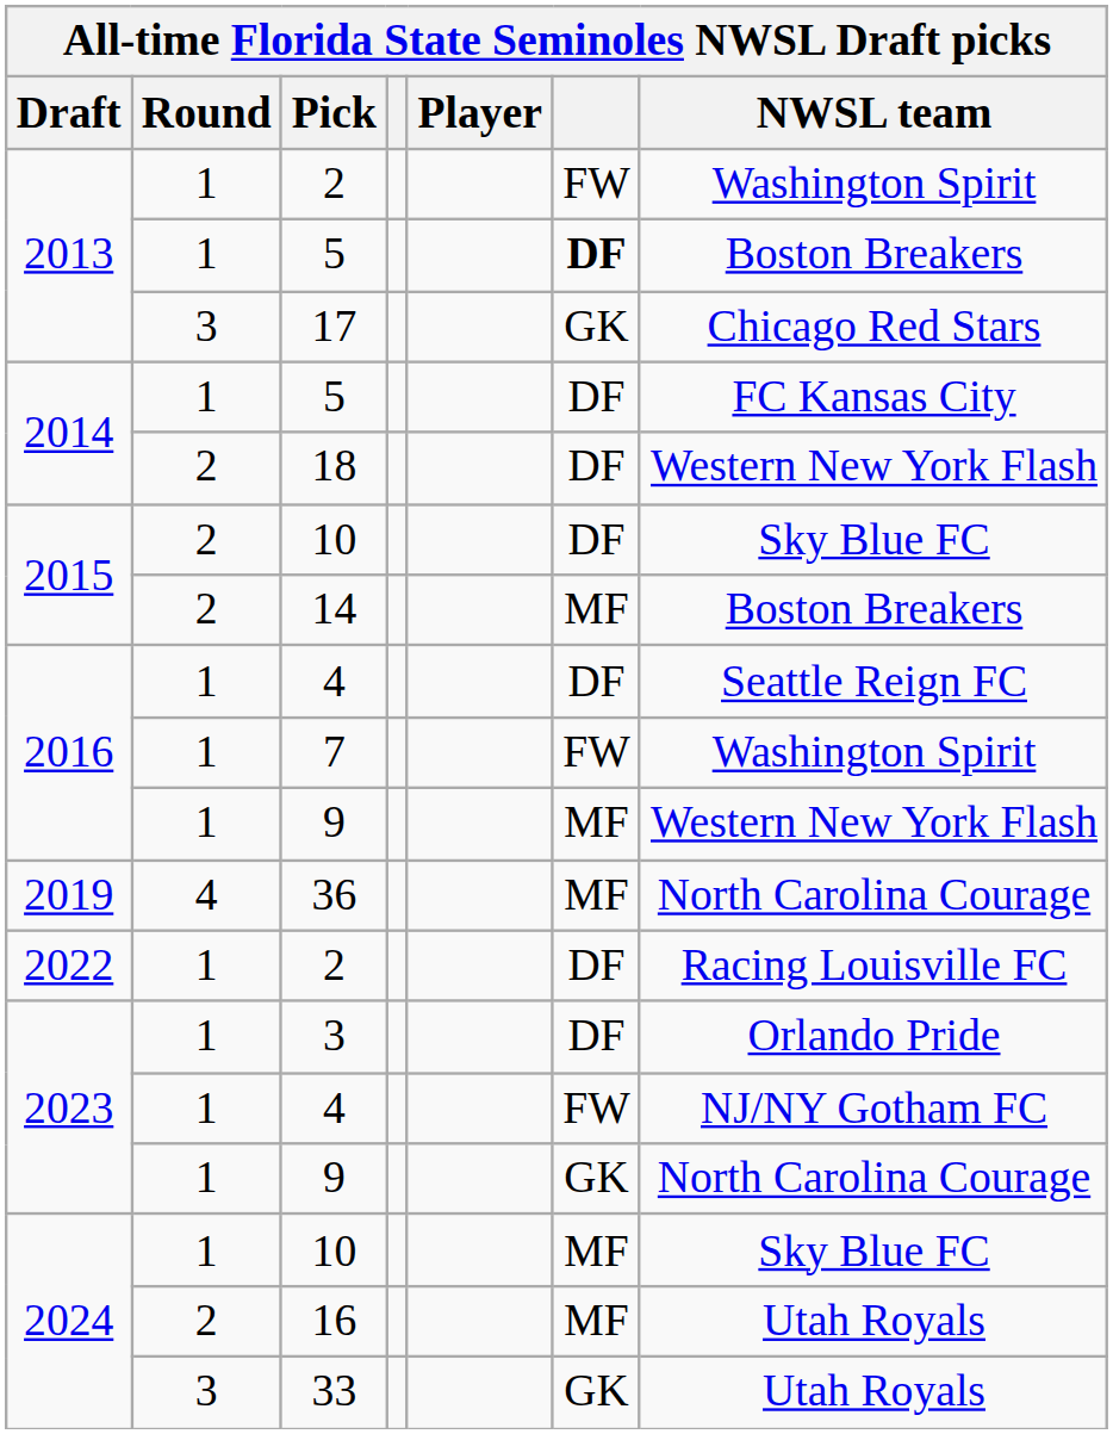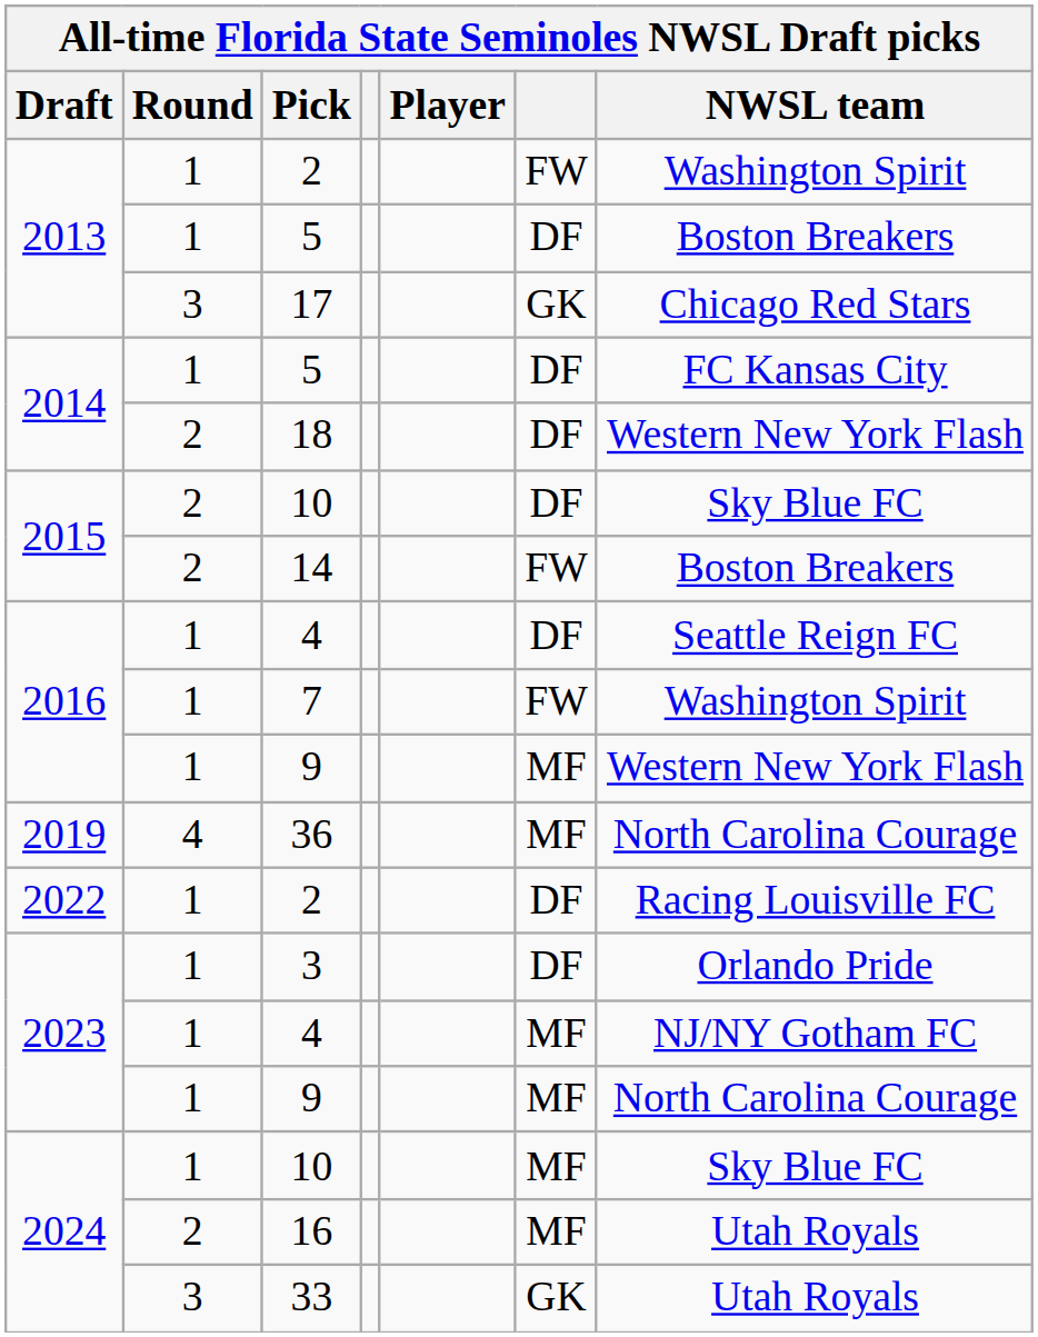 <table class="wikitable sortable" style="text-align: center;">
 <tr>
 <th colspan="7" style="background:#">All-time <a href='#'><span>Florida State Seminoles</span></a> NWSL Draft picks</th>
 </tr>
 <tr>
 <th scope="col">Draft</th>
 <th scope="col">Round</th>
 <th scope="col">Pick</th>
 <th scope="col"></th>
 <th scope="col">Player</th>
 <th scope="col"></th>
 <th scope="col">NWSL team</th>
 </tr>
 <tr>
 <td rowspan="3"><a href='#'>2013</a></td>
 <td>1</td>
 <td>2</td>
 <td></td>
 <td></td>
 <td>FW</td>
 <td><a href='#'>Washington Spirit</a></td>
 </tr>
 <tr>
 <td>1</td>
 <td>5</td>
 <td></td>
 <td></td>
-<td><strong>DF</strong></td>
+<td>DF</td>
 <td><a href='#'>Boston Breakers</a></td>
 </tr>
 <tr>
 <td>3</td>
 <td>17</td>
 <td></td>
 <td></td>
 <td>GK</td>
 <td><a href='#'>Chicago Red Stars</a></td>
 </tr>
 <tr>
 <td rowspan="2"><a href='#'>2014</a></td>
 <td>1</td>
 <td>5</td>
 <td></td>
 <td></td>
 <td>DF</td>
 <td><a href='#'>FC Kansas City</a></td>
 </tr>
 <tr>
 <td>2</td>
 <td>18</td>
 <td></td>
 <td></td>
 <td>DF</td>
 <td><a href='#'>Western New York Flash</a></td>
 </tr>
 <tr>
 <td rowspan="2"><a href='#'>2015</a></td>
 <td>2</td>
 <td>10</td>
 <td></td>
 <td></td>
 <td>DF</td>
 <td><a href='#'>Sky Blue FC</a></td>
 </tr>
 <tr>
 <td>2</td>
 <td>14</td>
 <td></td>
 <td></td>
-<td>MF</td>
+<td>FW</td>
 <td><a href='#'>Boston Breakers</a></td>
 </tr>
 <tr>
 <td rowspan="3"><a href='#'>2016</a></td>
 <td>1</td>
 <td>4</td>
 <td></td>
 <td></td>
 <td>DF</td>
 <td><a href='#'>Seattle Reign FC</a></td>
 </tr>
 <tr>
 <td>1</td>
 <td>7</td>
 <td></td>
 <td></td>
 <td>FW</td>
 <td><a href='#'>Washington Spirit</a></td>
 </tr>
 <tr>
 <td>1</td>
 <td>9</td>
 <td></td>
 <td></td>
 <td>MF</td>
 <td><a href='#'>Western New York Flash</a></td>
 </tr>
 <tr>
 <td><a href='#'>2019</a></td>
 <td>4</td>
 <td>36</td>
 <td></td>
 <td></td>
 <td>MF</td>
 <td><a href='#'>North Carolina Courage</a></td>
 </tr>
 <tr>
 <td><a href='#'>2022</a></td>
 <td>1</td>
 <td>2</td>
 <td></td>
 <td></td>
 <td>DF</td>
 <td><a href='#'>Racing Louisville FC</a></td>
 </tr>
 <tr>
 <td rowspan="3"><a href='#'>2023</a></td>
 <td>1</td>
 <td>3</td>
 <td></td>
 <td></td>
 <td>DF</td>
 <td><a href='#'>Orlando Pride</a></td>
 </tr>
 <tr>
 <td>1</td>
 <td>4</td>
 <td></td>
 <td></td>
-<td>FW</td>
+<td>MF</td>
 <td><a href='#'>NJ/NY Gotham FC</a></td>
 </tr>
 <tr>
 <td>1</td>
 <td>9</td>
 <td></td>
 <td></td>
-<td>GK</td>
+<td>MF</td>
 <td><a href='#'>North Carolina Courage</a></td>
 </tr>
 <tr>
 <td rowspan="3"><a href='#'>2024</a></td>
 <td>1</td>
 <td>10</td>
 <td></td>
 <td></td>
 <td>MF</td>
 <td><a href='#'>Sky Blue FC</a></td>
 </tr>
 <tr>
 <td>2</td>
 <td>16</td>
 <td></td>
 <td></td>
 <td>MF</td>
 <td><a href='#'>Utah Royals</a></td>
 </tr>
 <tr>
 <td>3</td>
 <td>33</td>
 <td></td>
 <td></td>
 <td>GK</td>
 <td><a href='#'>Utah Royals</a></td>
 </tr>
 </table>
